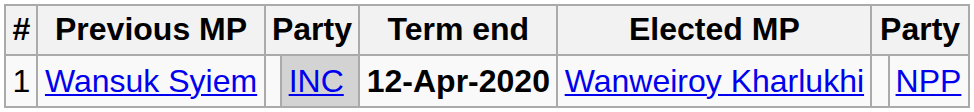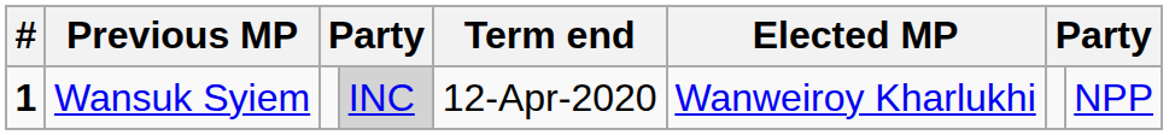 <table class="wikitable sortable">
 <tr>
 <th>#</th>
 <th>Previous MP</th>
 <th colspan="2">Party</th>
 <th>Term end</th>
 <th>Elected MP</th>
 <th colspan="2">Party</th>
 </tr>
 <tr>
-<td>1</td>
+<td><strong>1</strong></td>
 <td><a href='#'>Wansuk Syiem</a></td>
 <td width="1px"></td>
 <td style="background: lightgrey;"><a href='#'>INC</a></td>
-<td><strong>12-Apr-2020</strong></td>
+<td>12-Apr-2020</td>
 <td><a href='#'>Wanweiroy Kharlukhi</a></td>
 <td width="1px"></td>
 <td><a href='#'>NPP</a></td>
 </tr>
 </table>
